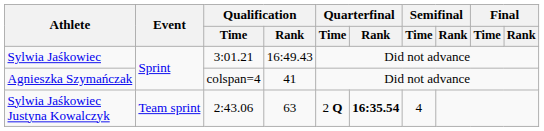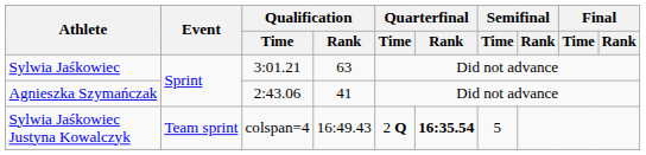 <table class="wikitable" style="font-size:90%">
 <tr>
 <th rowspan="2">Athlete</th>
 <th rowspan="2">Event</th>
 <th colspan="2">Qualification</th>
 <th colspan="2">Quarterfinal</th>
 <th colspan="2">Semifinal</th>
 <th colspan="2">Final</th>
 </tr>
 <tr style="font-size:95%">
 <th>Time</th>
 <th>Rank</th>
 <th>Time</th>
 <th>Rank</th>
 <th>Time</th>
 <th>Rank</th>
 <th>Time</th>
 <th>Rank</th>
 </tr>
 <tr align=center>
 <td align=left><a href='#'>Sylwia Jaśkowiec</a></td>
 <td align=left rowspan=2><a href='#'>Sprint</a></td>
 <td>3:01.21</td>
-<td>16:49.43</td>
+<td>63</td>
 <td colspan=6>Did not advance</td>
 </tr>
 <tr align=center>
 <td align=left><a href='#'>Agnieszka Szymańczak</a></td>
-<td>colspan=4 </td>
+<td>2:43.06</td>
 <td>41</td>
 <td colspan=6>Did not advance</td>
 </tr>
 <tr align=center>
 <td align=left><a href='#'>Sylwia Jaśkowiec</a><br><a href='#'>Justyna Kowalczyk</a></td>
 <td align=left><a href='#'>Team sprint</a></td>
-<td>2:43.06</td>
-<td>63</td>
+<td>colspan=4 </td>
+<td>16:49.43</td>
 <td>2 <strong>Q</strong></td>
 <td><strong>16:35.54</strong></td>
-<td>4</td>
+<td>5</td>
 </tr>
 </table>
